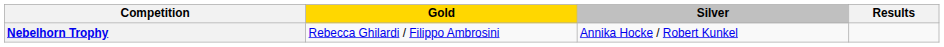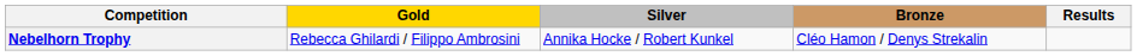 <table class="wikitable unsortable" style="text-align:left; width:100%">
 <tr>
 <th scope="col" style="text-align:center; width:25%;">Competition</th>
 <td scope="col" style="text-align:center; width:22.5%; background:gold"><strong>Gold</strong></td>
 <td scope="col" style="text-align:center; width:22.5%; background:silver"><strong>Silver</strong></td>
+<td scope="col" style="text-align:center; width:22.5%; background:#c96"><strong>Bronze</strong></td>
 <th scope="col" style="text-align:center; width:7.5%;">Results</th>
 </tr>
 <tr>
 <th scope="row" style="text-align:left"> <a href='#'>Nebelhorn Trophy</a></th>
 <td> <a href='#'>Rebecca Ghilardi</a> / <a href='#'>Filippo Ambrosini</a></td>
 <td> <a href='#'>Annika Hocke</a> / <a href='#'>Robert Kunkel</a></td>
+<td> <a href='#'>Cléo Hamon</a> / <a href='#'>Denys Strekalin</a></td>
 <td></td>
 </tr>
 </table>
